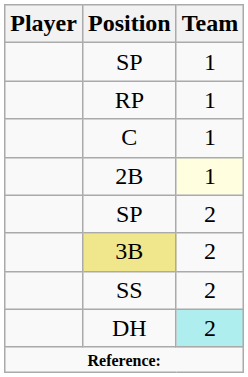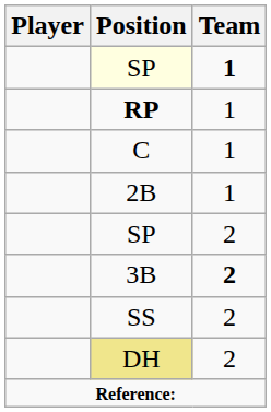 <table class="wikitable sortable sortable" style="text-align: center">
 <tr align=center>
 <th>Player</th>
 <th>Position</th>
 <th>Team</th>
 </tr>
 <tr>
 <td></td>
-<td>SP</td>
-<td>1</td>
+<td style="background: lightyellow;">SP</td>
+<td><strong>1</strong></td>
 </tr>
 <tr>
 <td></td>
-<td>RP</td>
+<td><strong>RP</strong></td>
 <td>1</td>
 </tr>
 <tr>
 <td></td>
 <td>C</td>
 <td>1</td>
 </tr>
 <tr>
 <td></td>
 <td>2B</td>
-<td style="background: lightyellow;">1</td>
+<td>1</td>
 </tr>
 <tr>
 <td></td>
 <td>SP</td>
 <td>2</td>
 </tr>
 <tr>
 <td></td>
-<td style="background: khaki;">3B</td>
-<td>2</td>
+<td>3B</td>
+<td><strong>2</strong></td>
 </tr>
 <tr>
 <td></td>
 <td>SS</td>
 <td>2</td>
 </tr>
 <tr>
 <td></td>
-<td>DH</td>
-<td style="background: paleturquoise;">2</td>
+<td style="background: khaki;">DH</td>
+<td>2</td>
 </tr>
 <tr class="sortbottom">
 <td colspan="4"  style="font-size:8pt; text-align:center;"><strong>Reference:</strong> </td>
 </tr>
 </table>
